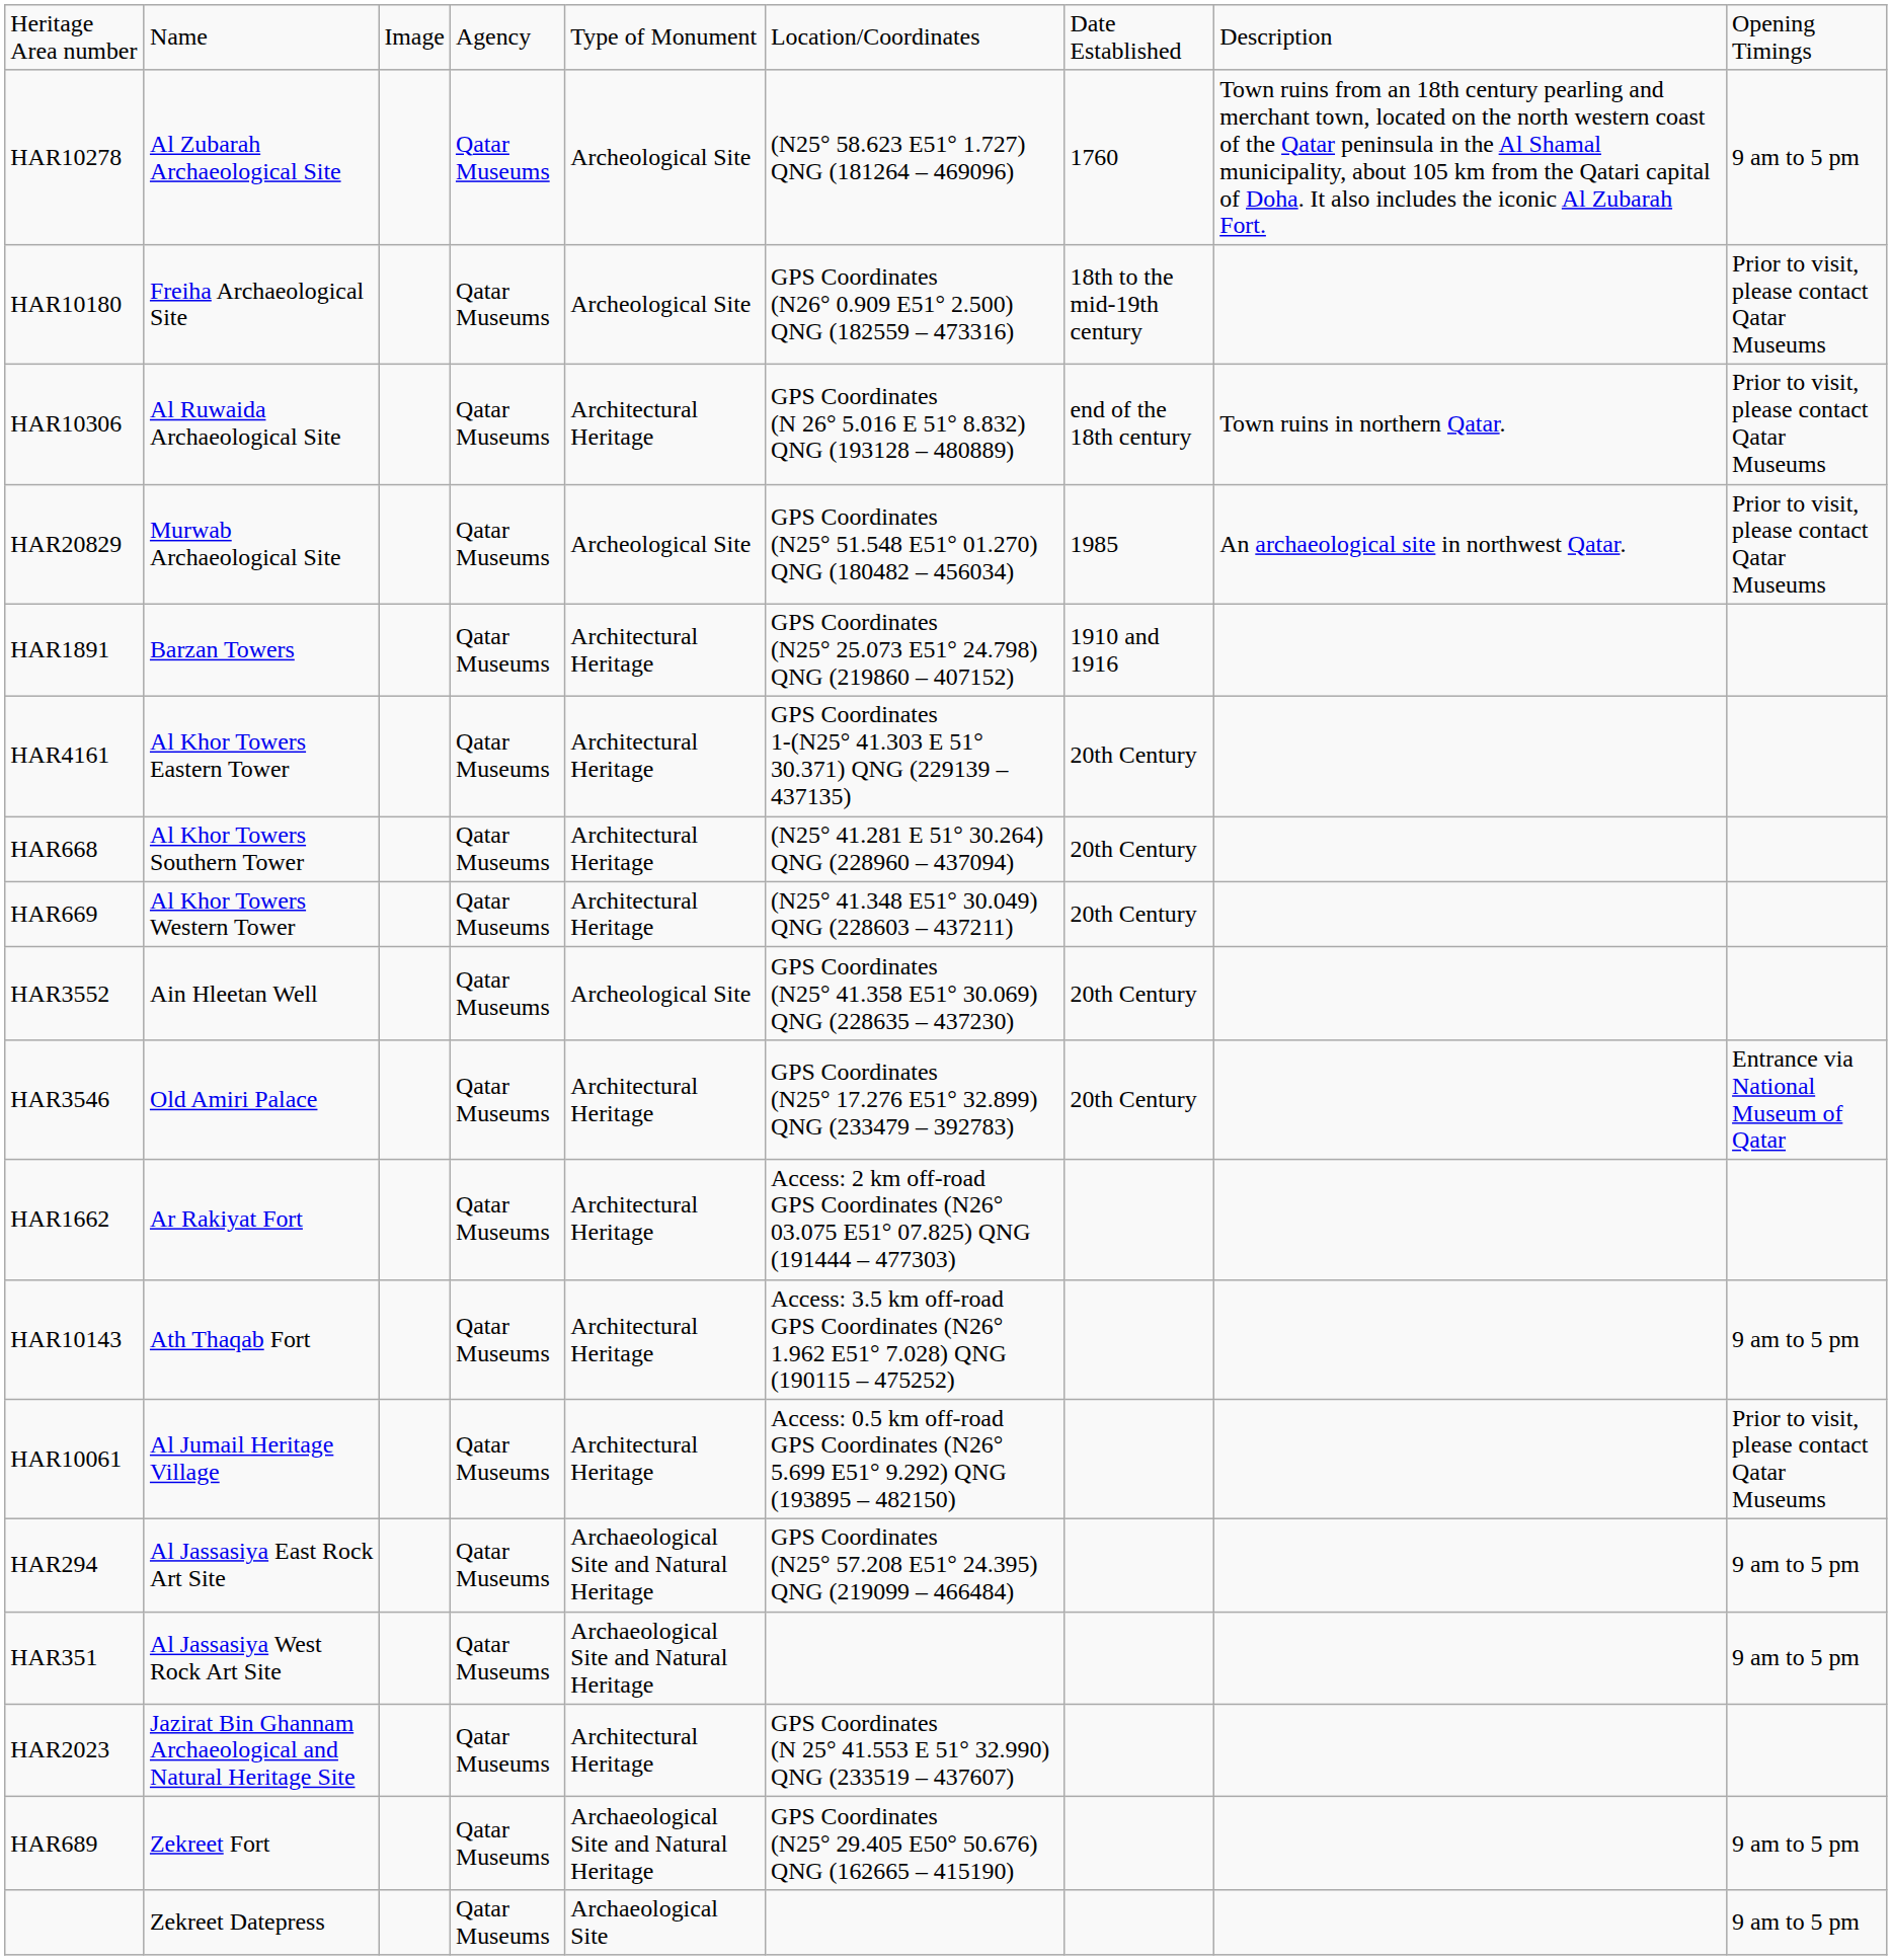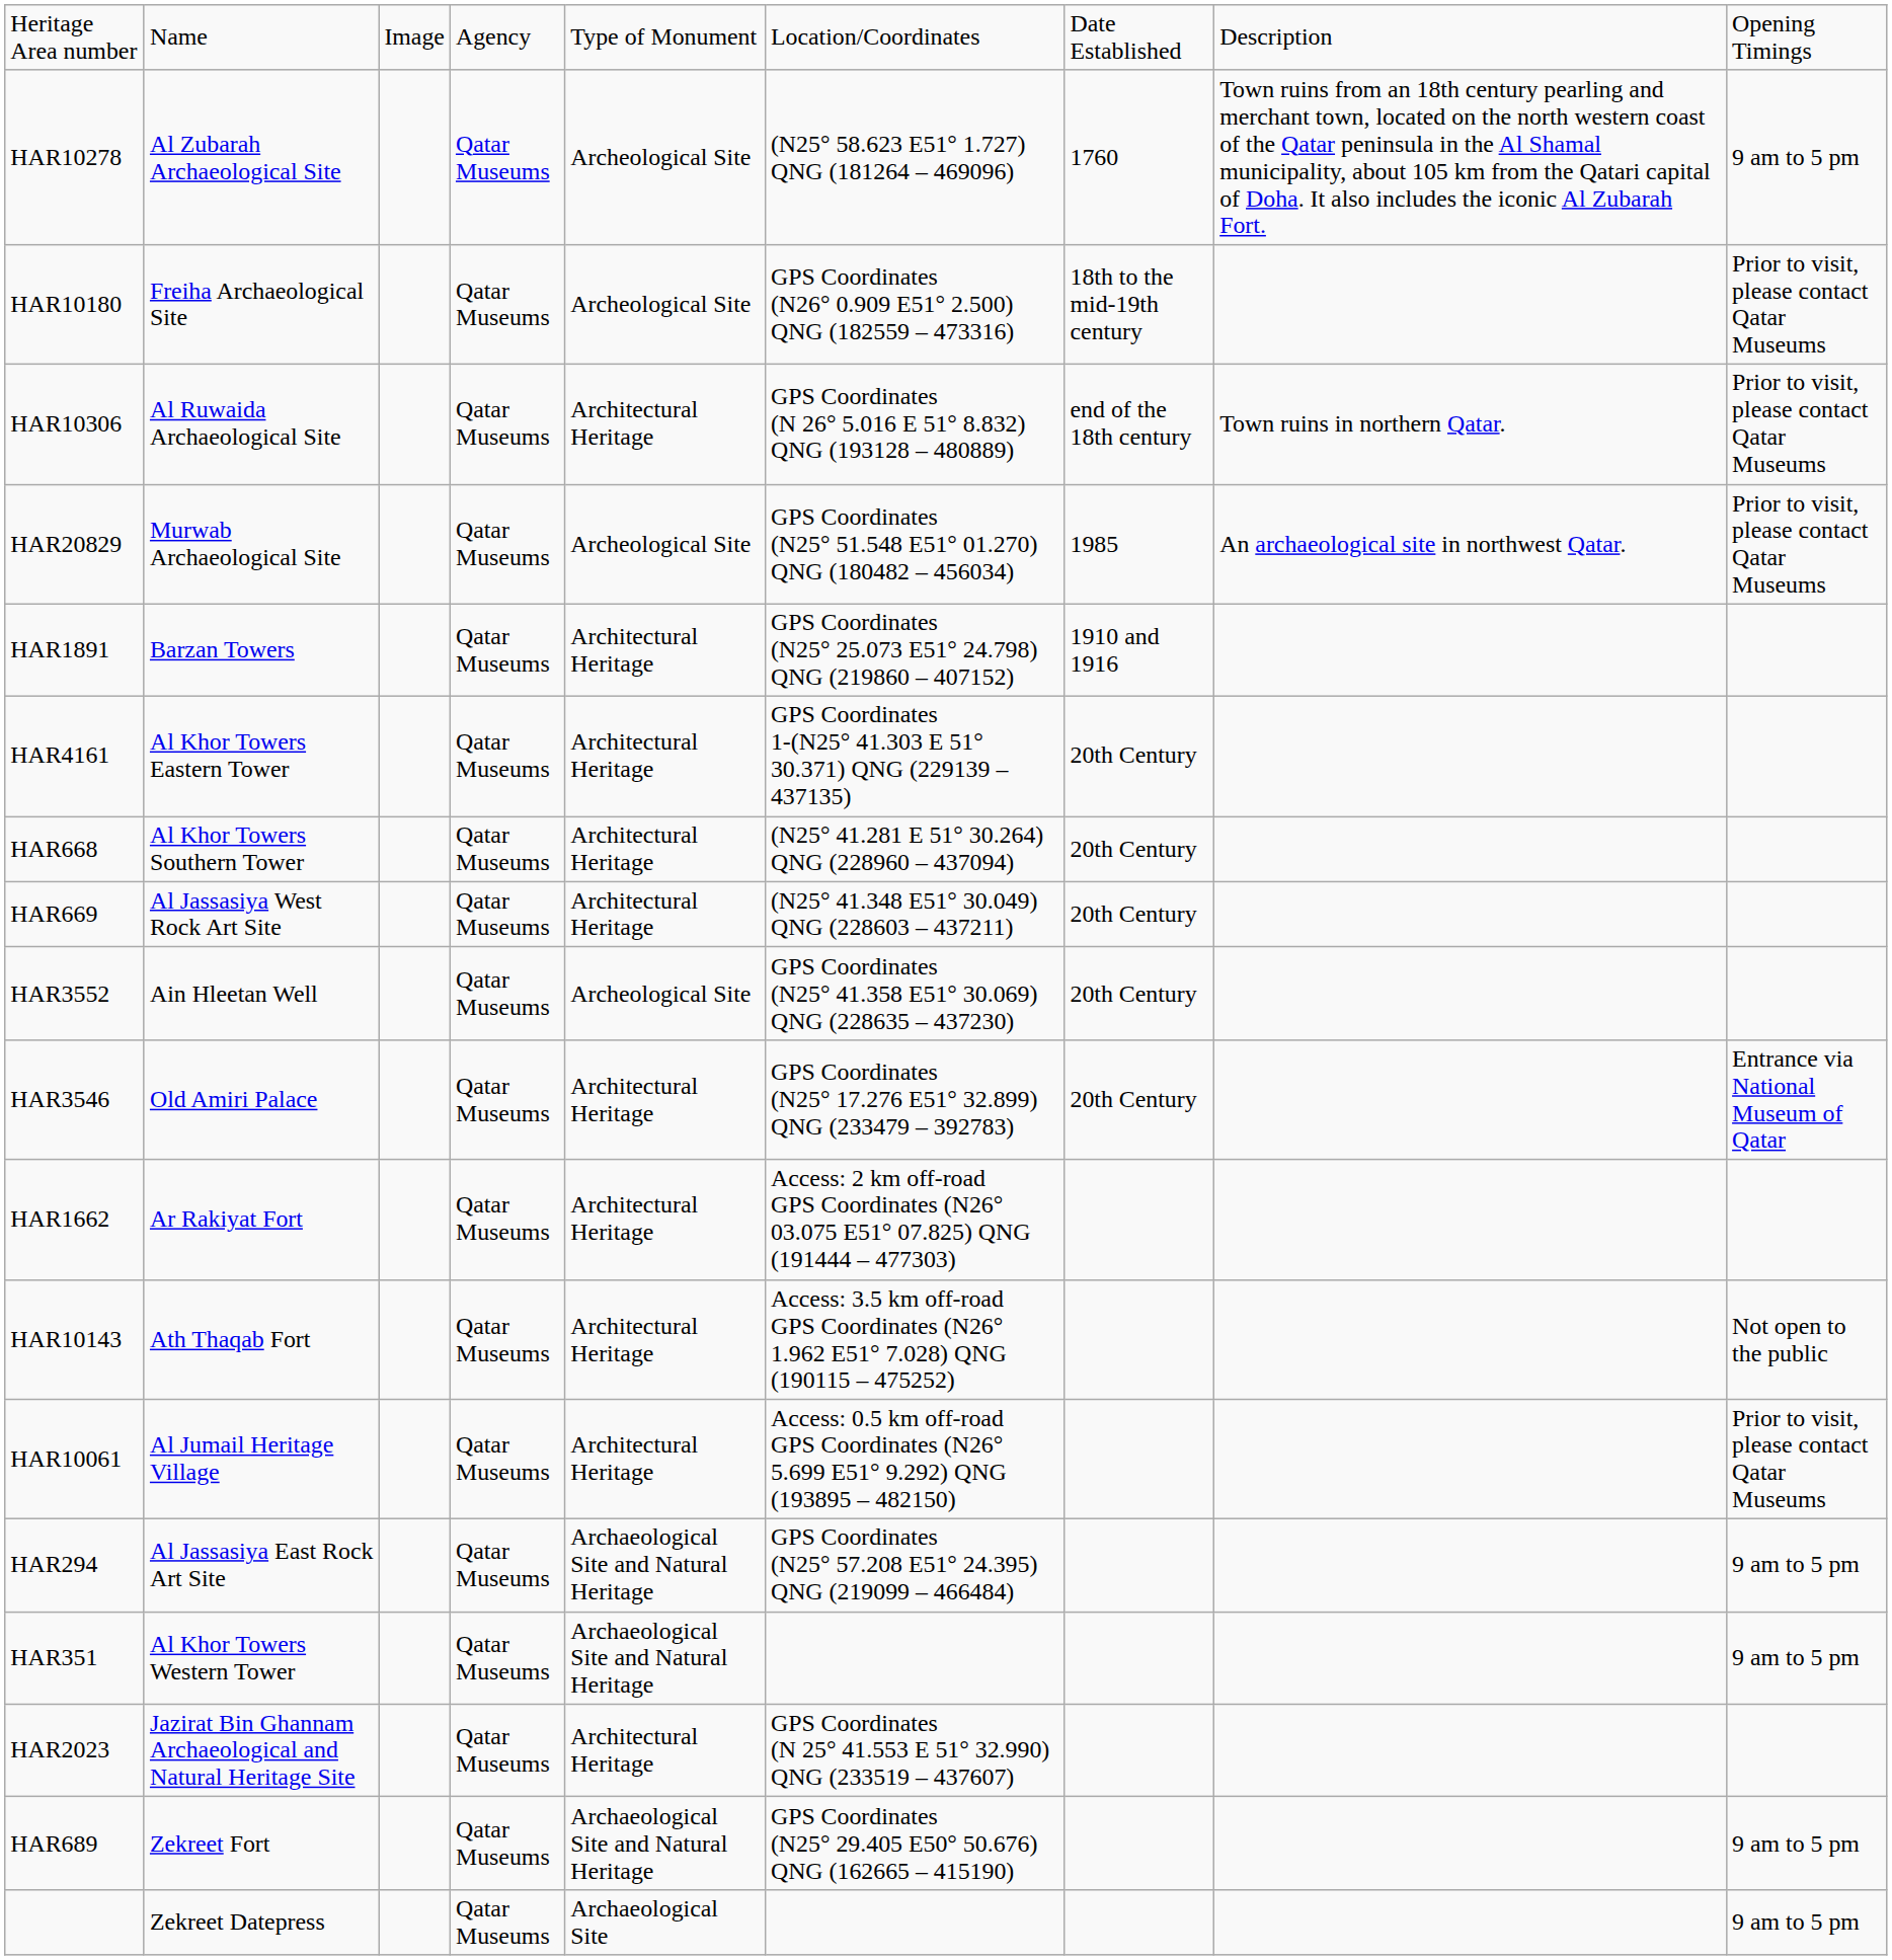 <table class="wikitable">
 <tr>
 <td>Heritage Area number</td>
 <td>Name</td>
 <td>Image</td>
 <td>Agency</td>
 <td>Type of Monument</td>
 <td>Location/Coordinates</td>
 <td>Date Established</td>
 <td>Description</td>
 <td>Opening Timings</td>
 </tr>
 <tr>
 <td>HAR10278</td>
 <td><a href='#'>Al Zubarah Archaeological Site</a></td>
 <td></td>
 <td><a href='#'>Qatar Museums</a></td>
 <td>Archeological Site</td>
 <td>(N25° 58.623 E51° 1.727) QNG (181264 – 469096)</td>
 <td>1760</td>
 <td>Town ruins from an 18th century pearling and merchant town, located on the north western coast of the <a href='#'>Qatar</a> peninsula in the <a href='#'>Al Shamal</a> municipality, about 105 km from the Qatari capital of <a href='#'>Doha</a>. It also includes the iconic <a href='#'>Al Zubarah Fort.</a></td>
 <td>9 am to 5 pm</td>
 </tr>
 <tr>
 <td>HAR10180</td>
 <td><a href='#'>Freiha</a> Archaeological Site</td>
 <td></td>
 <td>Qatar Museums</td>
 <td>Archeological Site</td>
 <td>GPS Coordinates<br>(N26° 0.909 E51° 2.500) QNG (182559 – 473316)</td>
 <td>18th to the mid-19th century</td>
 <td></td>
 <td>Prior to visit, please contact Qatar Museums</td>
 </tr>
 <tr>
 <td>HAR10306</td>
 <td><a href='#'>Al Ruwaida</a> Archaeological Site</td>
 <td></td>
 <td>Qatar Museums</td>
 <td>Architectural Heritage</td>
 <td>GPS Coordinates<br>(N 26° 5.016 E 51° 8.832) QNG (193128 – 480889)</td>
 <td>end of the 18th century</td>
 <td>Town ruins in northern <a href='#'>Qatar</a>.</td>
 <td>Prior to visit, please contact Qatar Museums</td>
 </tr>
 <tr>
 <td>HAR20829</td>
 <td><a href='#'>Murwab</a> Archaeological Site</td>
 <td></td>
 <td>Qatar Museums</td>
 <td>Archeological Site</td>
 <td>GPS Coordinates<br>(N25° 51.548 E51° 01.270) QNG (180482 – 456034)</td>
 <td>1985</td>
 <td>An <a href='#'>archaeological site</a> in northwest <a href='#'>Qatar</a>.</td>
 <td>Prior to visit, please contact Qatar Museums</td>
 </tr>
 <tr>
 <td>HAR1891</td>
 <td><a href='#'>Barzan Towers</a></td>
 <td></td>
 <td>Qatar Museums</td>
 <td>Architectural Heritage</td>
 <td>GPS Coordinates<br>(N25° 25.073 E51° 24.798) QNG (219860 – 407152)</td>
 <td>1910 and 1916</td>
 <td></td>
 <td></td>
 </tr>
 <tr>
 <td>HAR4161</td>
 <td><a href='#'>Al Khor Towers</a> Eastern Tower</td>
 <td></td>
 <td>Qatar Museums</td>
 <td>Architectural Heritage</td>
 <td>GPS Coordinates<br>1-(N25° 41.303 E 51° 30.371) QNG (229139 – 437135)</td>
 <td>20th Century</td>
 <td></td>
 </tr>
 <tr>
 <td>HAR668</td>
 <td><a href='#'>Al Khor Towers</a> Southern Tower</td>
 <td></td>
 <td>Qatar Museums</td>
 <td>Architectural Heritage</td>
 <td>(N25° 41.281 E 51° 30.264) QNG (228960 – 437094)</td>
 <td>20th Century</td>
 <td></td>
 <td></td>
 </tr>
 <tr>
 <td>HAR669</td>
-<td><a href='#'>Al Khor Towers</a> Western Tower</td>
+<td><a href='#'>Al Jassasiya</a> West Rock Art Site</td>
 <td></td>
 <td>Qatar Museums</td>
 <td>Architectural Heritage</td>
 <td>(N25° 41.348 E51° 30.049) QNG (228603 – 437211)</td>
 <td>20th Century</td>
 <td></td>
 <td></td>
 </tr>
 <tr>
 <td>HAR3552</td>
 <td>Ain Hleetan Well</td>
 <td></td>
 <td>Qatar Museums</td>
 <td>Archeological Site</td>
 <td>GPS Coordinates<br>(N25° 41.358 E51° 30.069) QNG (228635 – 437230)</td>
 <td>20th Century</td>
 <td></td>
 <td></td>
 </tr>
 <tr>
 <td>HAR3546</td>
 <td><a href='#'>Old Amiri Palace</a></td>
 <td></td>
 <td>Qatar Museums</td>
 <td>Architectural Heritage</td>
 <td>GPS Coordinates<br>(N25° 17.276 E51° 32.899) QNG (233479 – 392783)</td>
 <td>20th Century</td>
 <td></td>
 <td>Entrance via <a href='#'>National Museum of Qatar</a></td>
 </tr>
 <tr>
 <td>HAR1662</td>
 <td><a href='#'>Ar Rakiyat Fort</a></td>
 <td></td>
 <td>Qatar Museums</td>
 <td>Architectural Heritage</td>
 <td>Access: 2 km off-road<br>GPS Coordinates (N26° 03.075 E51° 07.825) QNG (191444 – 477303)</td>
 <td></td>
 <td></td>
 <td></td>
 </tr>
 <tr>
 <td>HAR10143</td>
 <td><a href='#'>Ath Thaqab</a> Fort</td>
 <td></td>
 <td>Qatar Museums</td>
 <td>Architectural Heritage</td>
 <td>Access: 3.5 km off-road<br>GPS Coordinates (N26° 1.962 E51° 7.028) QNG (190115 – 475252)</td>
 <td></td>
 <td></td>
-<td>9 am to 5 pm</td>
+<td>Not open to the public</td>
 </tr>
 <tr>
 <td>HAR10061</td>
 <td><a href='#'>Al Jumail Heritage Village</a></td>
 <td></td>
 <td>Qatar Museums</td>
 <td>Architectural Heritage</td>
 <td>Access: 0.5 km off-road<br>GPS Coordinates (N26° 5.699 E51° 9.292) QNG (193895 – 482150)</td>
 <td></td>
 <td></td>
 <td>Prior to visit, please contact Qatar Museums</td>
 </tr>
 <tr>
 <td>HAR294</td>
 <td><a href='#'>Al Jassasiya</a> East Rock Art Site</td>
 <td></td>
 <td>Qatar Museums</td>
 <td>Archaeological Site and Natural Heritage</td>
 <td>GPS Coordinates<br>(N25° 57.208 E51° 24.395) QNG (219099 – 466484)</td>
 <td></td>
 <td></td>
 <td>9 am to 5 pm</td>
 </tr>
 <tr>
 <td>HAR351</td>
-<td><a href='#'>Al Jassasiya</a> West Rock Art Site</td>
+<td><a href='#'>Al Khor Towers</a> Western Tower</td>
 <td></td>
 <td>Qatar Museums</td>
 <td>Archaeological Site and Natural Heritage</td>
 <td></td>
 <td></td>
 <td></td>
 <td>9 am to 5 pm</td>
 </tr>
 <tr>
 <td>HAR2023</td>
 <td><a href='#'>Jazirat Bin Ghannam Archaeological and Natural Heritage Site</a></td>
 <td></td>
 <td>Qatar Museums</td>
 <td>Architectural Heritage</td>
 <td>GPS Coordinates<br>(N 25° 41.553 E 51° 32.990) QNG (233519 – 437607)</td>
 <td></td>
 <td></td>
 <td></td>
 </tr>
 <tr>
 <td>HAR689</td>
 <td><a href='#'>Zekreet</a> Fort</td>
 <td></td>
 <td>Qatar Museums</td>
 <td>Archaeological Site and Natural Heritage</td>
 <td>GPS Coordinates<br>(N25° 29.405 E50° 50.676) QNG (162665 – 415190)</td>
 <td></td>
 <td></td>
 <td>9 am to 5 pm</td>
 </tr>
 <tr>
 <td></td>
 <td>Zekreet Datepress</td>
 <td></td>
 <td>Qatar Museums</td>
 <td>Archaeological Site</td>
 <td></td>
 <td></td>
 <td></td>
 <td>9 am to 5 pm</td>
 </tr>
 </table>
